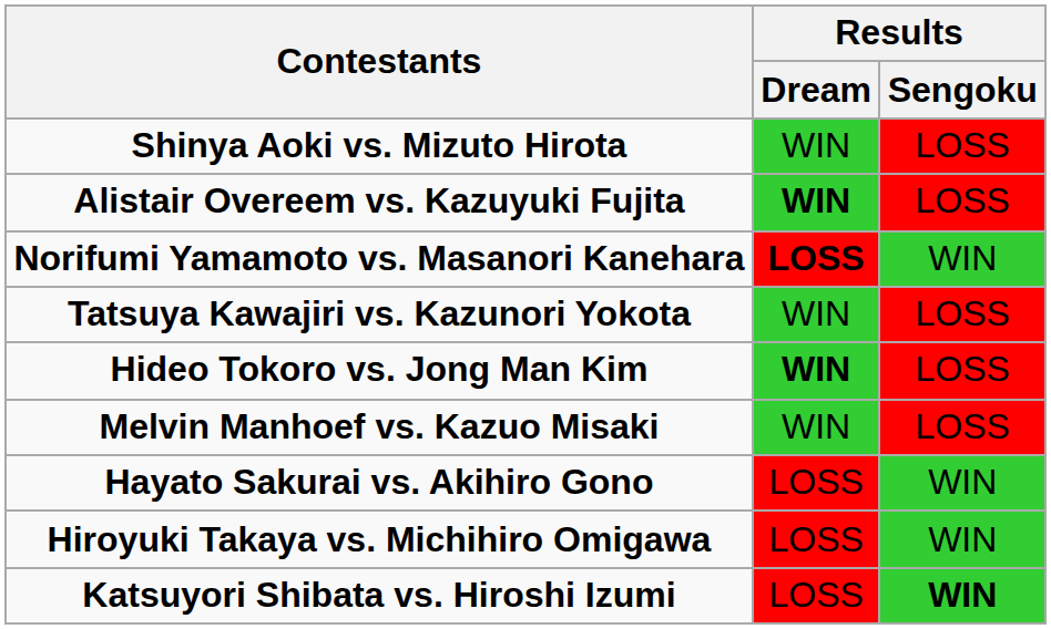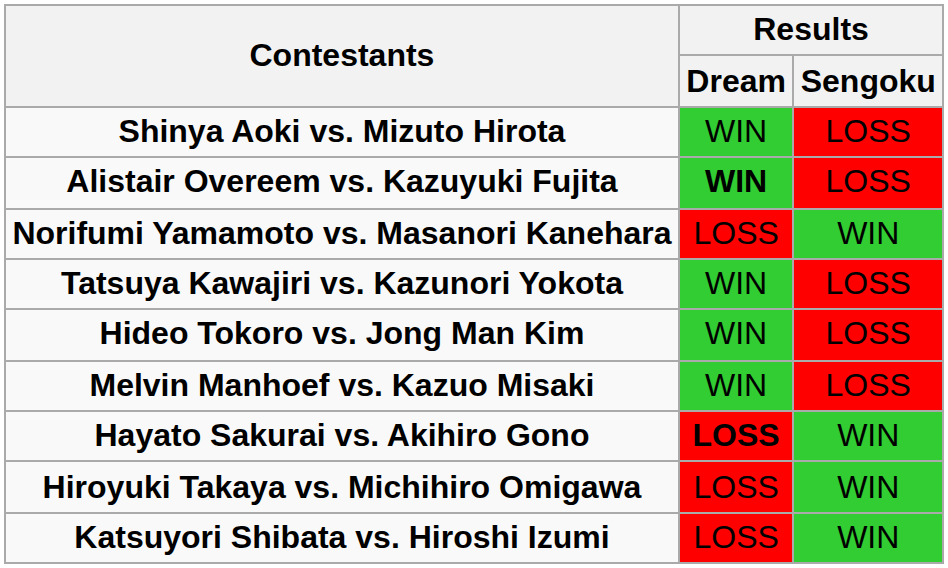 <table class="wikitable" style="text-align:center">
 <tr>
 <th rowspan=2>Contestants</th>
 <th colspan=9>Results</th>
 </tr>
 <tr>
 <th>Dream</th>
 <th>Sengoku</th>
 </tr>
 <tr>
 <td><strong>Shinya Aoki vs.  Mizuto Hirota</strong></td>
 <td bgcolor="limegreen">WIN</td>
 <td bgcolor="red">LOSS</td>
 </tr>
 <tr>
 <td><strong>Alistair Overeem vs. Kazuyuki Fujita</strong></td>
 <td bgcolor="limegreen"><strong>WIN</strong></td>
 <td bgcolor="red">LOSS</td>
 </tr>
 <tr>
 <td><strong>Norifumi Yamamoto vs. Masanori Kanehara</strong></td>
-<td bgcolor="red"><strong>LOSS</strong></td>
+<td bgcolor="red">LOSS</td>
 <td bgcolor="limegreen">WIN</td>
 </tr>
 <tr>
 <td><strong>Tatsuya Kawajiri vs. Kazunori Yokota</strong></td>
 <td bgcolor="limegreen">WIN</td>
 <td bgcolor="red">LOSS</td>
 </tr>
 <tr>
 <td><strong>Hideo Tokoro vs. Jong Man Kim</strong></td>
-<td bgcolor="limegreen"><strong>WIN</strong></td>
+<td bgcolor="limegreen">WIN</td>
 <td bgcolor="red">LOSS</td>
 </tr>
 <tr>
 <td><strong>Melvin Manhoef vs. Kazuo Misaki</strong></td>
 <td bgcolor="limegreen">WIN</td>
 <td bgcolor="red">LOSS</td>
 </tr>
 <tr>
 <td><strong>Hayato Sakurai vs. Akihiro Gono</strong></td>
-<td bgcolor="red">LOSS</td>
+<td bgcolor="red"><strong>LOSS</strong></td>
 <td bgcolor="limegreen">WIN</td>
 </tr>
 <tr>
 <td><strong>Hiroyuki Takaya vs. Michihiro Omigawa</strong></td>
 <td bgcolor="red">LOSS</td>
 <td bgcolor="limegreen">WIN</td>
 </tr>
 <tr>
 <td><strong>Katsuyori Shibata vs. Hiroshi Izumi</strong></td>
 <td bgcolor="red">LOSS</td>
-<td bgcolor="limegreen"><strong>WIN</strong></td>
+<td bgcolor="limegreen">WIN</td>
 </tr>
 <tr>
 </tr>
 </table>
